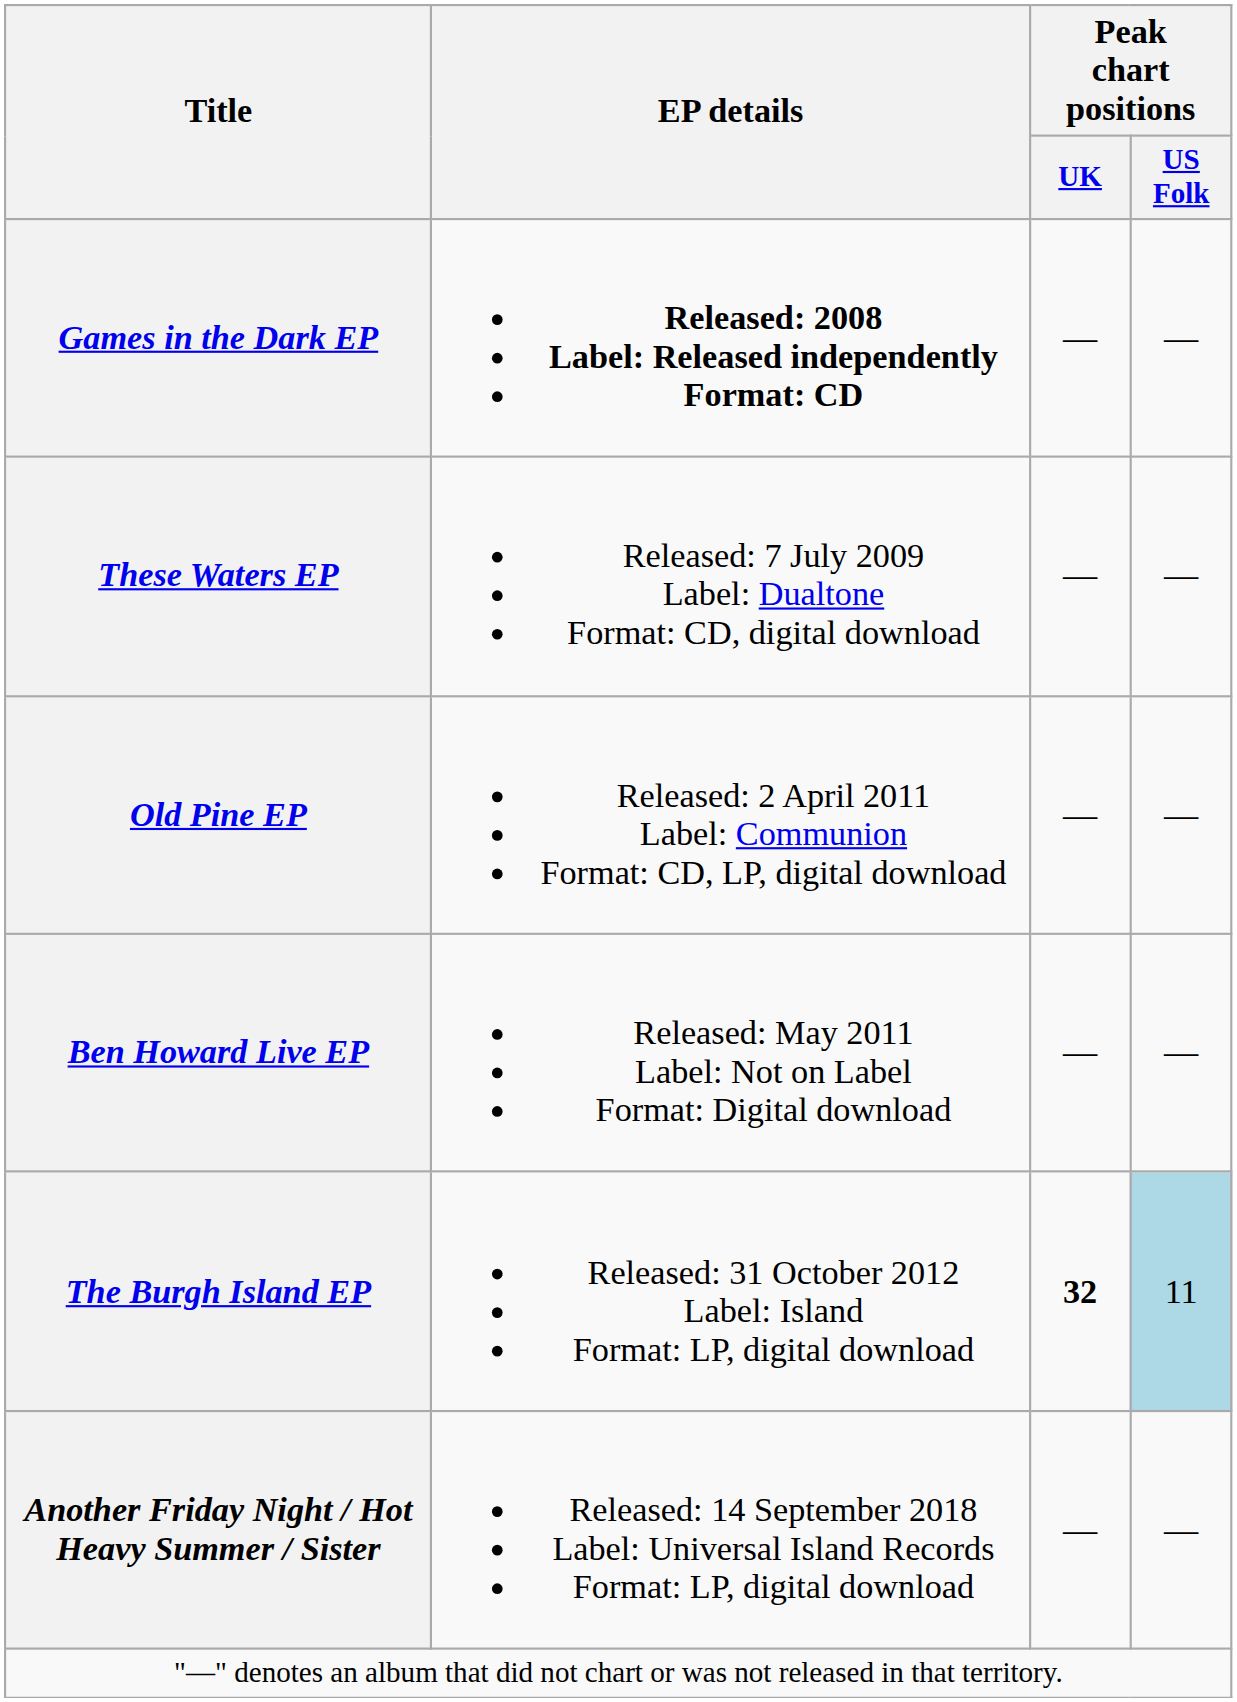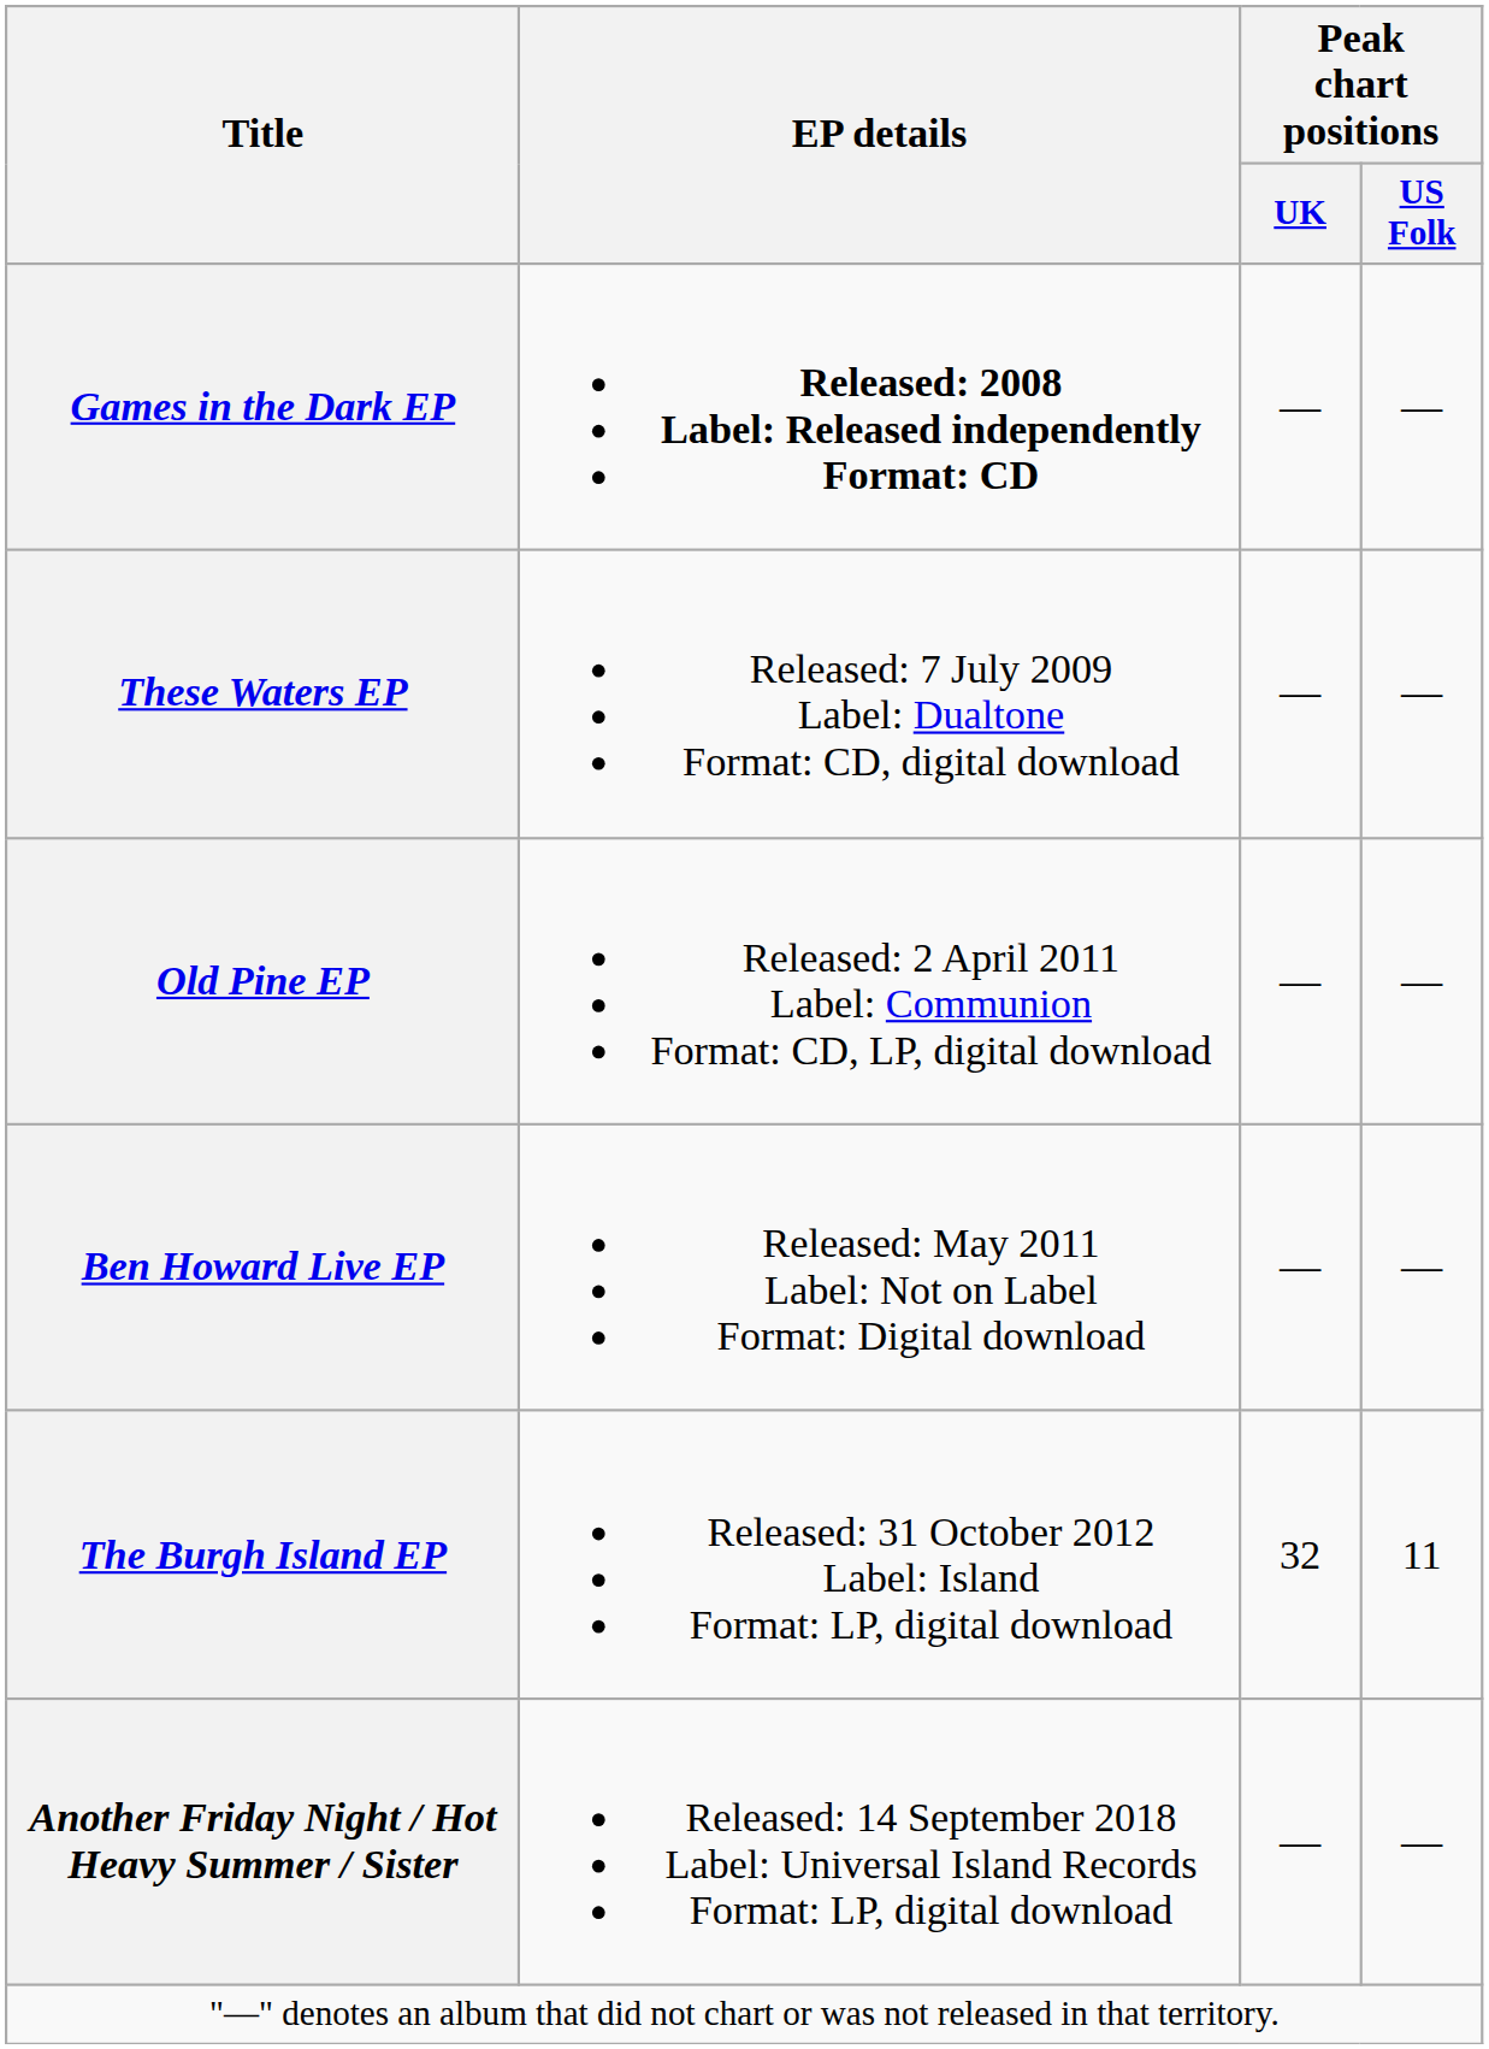 <table class="wikitable plainrowheaders" style="text-align:center;">
 <tr>
 <th scope="col" rowspan="2" style="width:12em;">Title</th>
 <th scope="col" rowspan="2" style="width:17em;">EP details</th>
 <th scope="col" colspan="2">Peak<br>chart<br>positions</th>
 </tr>
 <tr>
 <th scope="col" style="width:3em;font-size:85%;"><a href='#'>UK</a><br></th>
 <th scope="col" style="width:3em;font-size:85%;"><a href='#'>US Folk</a><br></th>
 </tr>
 <tr>
 <th scope="row"><em><a href='#'>Games in the Dark EP</a></em></th>
 <td><strong><br><ul><li>Released: 2008</li><li>Label: Released independently</li><li>Format: CD</li></ul></strong></td>
 <td>—</td>
 <td>—</td>
 </tr>
 <tr>
 <th scope="row"><em><a href='#'>These Waters EP</a></em></th>
 <td><br><ul><li>Released: 7 July 2009</li><li>Label: <a href='#'>Dualtone</a></li><li>Format: CD, digital download</li></ul></td>
 <td>—</td>
 <td>—</td>
 </tr>
 <tr>
 <th scope="row"><em><a href='#'>Old Pine EP</a></em></th>
 <td><br><ul><li>Released: 2 April 2011</li><li>Label: <a href='#'>Communion</a></li><li>Format: CD, LP, digital download</li></ul></td>
 <td>—</td>
 <td>—</td>
 </tr>
 <tr>
 <th scope="row"><em><a href='#'>Ben Howard Live EP</a></em></th>
 <td><br><ul><li>Released: May 2011</li><li>Label: Not on Label</li><li>Format: Digital download</li></ul></td>
 <td>—</td>
 <td>—</td>
 </tr>
 <tr>
 <th scope="row"><em><a href='#'>The Burgh Island EP</a></em></th>
 <td><br><ul><li>Released: 31 October 2012</li><li>Label: Island</li><li>Format: LP, digital download</li></ul></td>
-<td><strong>32</strong></td>
-<td style="background: lightblue;">11</td>
+<td>32</td>
+<td>11</td>
 </tr>
 <tr>
 <th scope="row"><em>Another Friday Night / Hot Heavy Summer / Sister</em></th>
 <td><br><ul><li>Released: 14 September 2018</li><li>Label: Universal Island Records</li><li>Format: LP, digital download</li></ul></td>
 <td>—</td>
 <td>—</td>
 </tr>
 <tr>
 <td colspan="18" style="font-size:85%">"—" denotes an album that did not chart or was not released in that territory.</td>
 </tr>
 </table>
